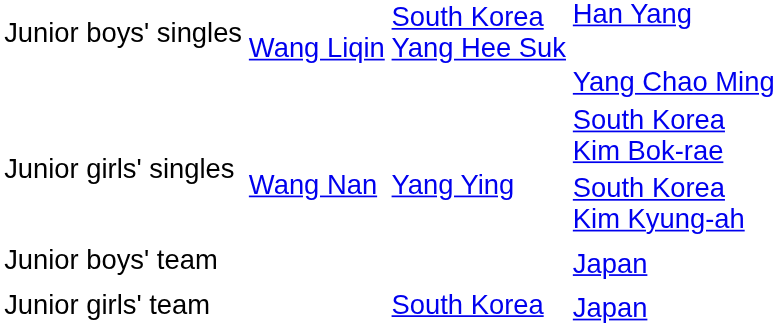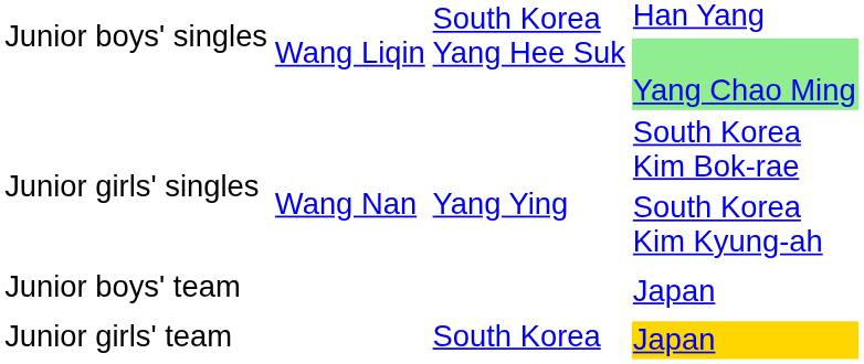 <table>
 <tr>
 <td rowspan=2>Junior boys' singles</td>
 <td rowspan=2><br><a href='#'>Wang Liqin</a></td>
 <td rowspan=2> <a href='#'>South Korea</a><br><a href='#'>Yang Hee Suk</a></td>
 <td><br><a href='#'>Han Yang</a></td>
 </tr>
 <tr>
-<td><br><a href='#'>Yang Chao Ming</a></td>
+<td style="background: lightgreen;"><br><a href='#'>Yang Chao Ming</a></td>
 </tr>
 <tr>
 <td rowspan=2>Junior girls' singles</td>
 <td rowspan=2><br><a href='#'>Wang Nan</a></td>
 <td rowspan=2><br><a href='#'>Yang Ying</a></td>
 <td> <a href='#'>South Korea</a><br><a href='#'>Kim Bok-rae</a></td>
 </tr>
 <tr>
 <td> <a href='#'>South Korea</a><br><a href='#'>Kim Kyung-ah</a></td>
 </tr>
 <tr>
 <td rowspan=2>Junior boys' team</td>
 <td rowspan=2></td>
 <td rowspan=2></td>
 <td></td>
 </tr>
 <tr>
 <td> <a href='#'>Japan</a></td>
 </tr>
 <tr>
 <td rowspan=2>Junior girls' team</td>
 <td rowspan=2></td>
 <td rowspan=2> <a href='#'>South Korea</a></td>
 <td></td>
 </tr>
 <tr>
-<td> <a href='#'>Japan</a></td>
+<td style="background: gold;"> <a href='#'>Japan</a></td>
 </tr>
 </table>
